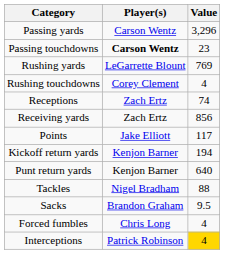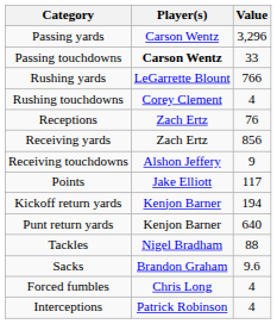 <table class="wikitable" style="text-align:center">
 <tr>
 <th>Category</th>
 <th>Player(s)</th>
 <th>Value</th>
 </tr>
 <tr>
 <td>Passing yards</td>
 <td><a href='#'>Carson Wentz</a></td>
 <td>3,296</td>
 </tr>
 <tr>
 <td>Passing touchdowns</td>
 <td><strong>Carson Wentz</strong></td>
-<td>23</td>
+<td>33</td>
 </tr>
 <tr>
 <td>Rushing yards</td>
 <td><a href='#'>LeGarrette Blount</a></td>
-<td>769</td>
+<td>766</td>
 </tr>
 <tr>
 <td>Rushing touchdowns</td>
 <td><a href='#'>Corey Clement</a></td>
 <td>4</td>
 </tr>
 <tr>
 <td>Receptions</td>
 <td><a href='#'>Zach Ertz</a></td>
-<td>74</td>
+<td>76</td>
 </tr>
 <tr>
 <td>Receiving yards</td>
 <td>Zach Ertz</td>
 <td>856</td>
+</tr>
+<tr>
+<td>Receiving touchdowns</td>
+<td><a href='#'>Alshon Jeffery</a></td>
+<td>9</td>
 </tr>
 <tr>
 <td>Points</td>
 <td><a href='#'>Jake Elliott</a></td>
 <td>117</td>
 </tr>
 <tr>
 <td>Kickoff return yards</td>
 <td><a href='#'>Kenjon Barner</a></td>
 <td>194</td>
 </tr>
 <tr>
 <td>Punt return yards</td>
 <td>Kenjon Barner</td>
 <td>640</td>
 </tr>
 <tr>
 <td>Tackles</td>
 <td><a href='#'>Nigel Bradham</a></td>
 <td>88</td>
 </tr>
 <tr>
 <td>Sacks</td>
 <td><a href='#'>Brandon Graham</a></td>
-<td>9.5</td>
+<td>9.6</td>
 </tr>
 <tr>
 <td>Forced fumbles</td>
 <td><a href='#'>Chris Long</a></td>
 <td>4</td>
 </tr>
 <tr>
 <td>Interceptions</td>
 <td><a href='#'>Patrick Robinson</a></td>
-<td style="background: gold;">4</td>
+<td>4</td>
 </tr>
 </table>
